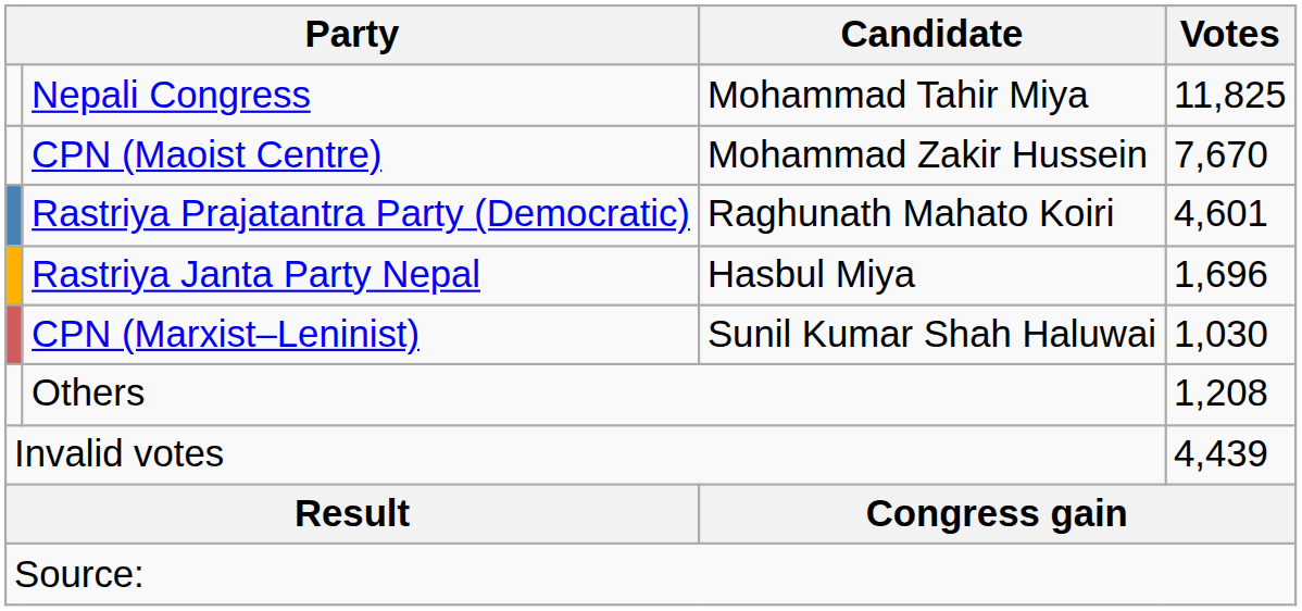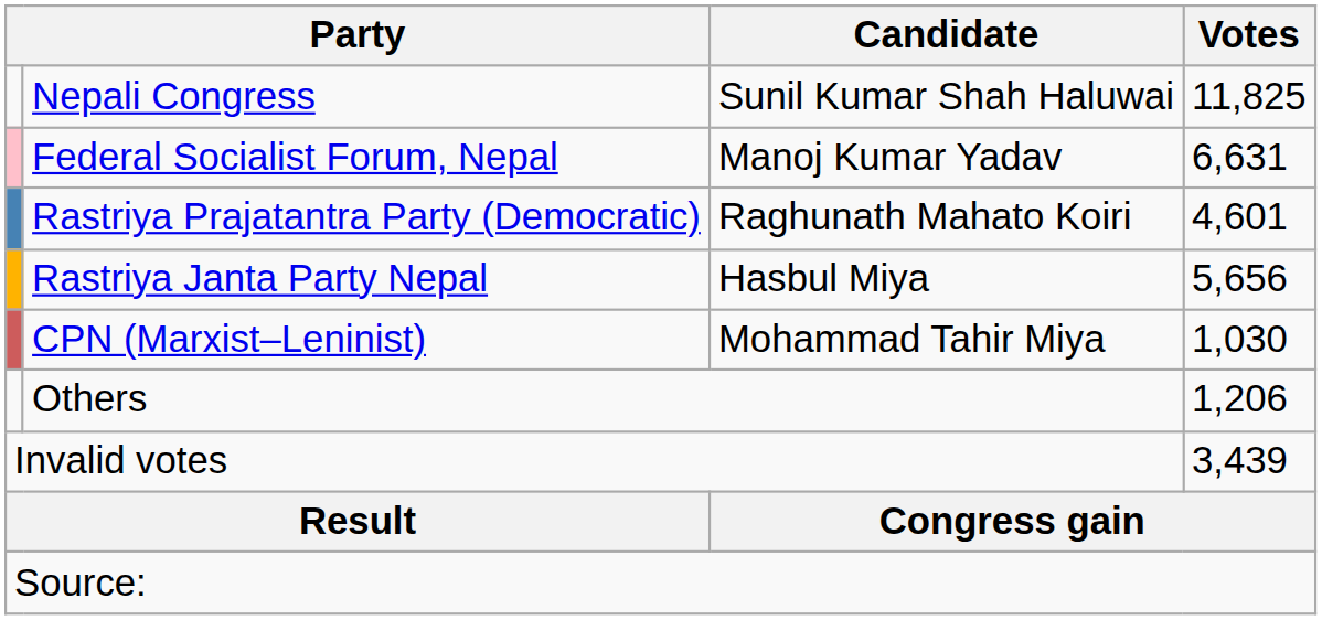 <table class="wikitable">
 <tr>
 <th colspan="2">Party</th>
 <th>Candidate</th>
 <th>Votes</th>
 </tr>
 <tr>
 <td style="background-color:"></td>
 <td><a href='#'>Nepali Congress</a></td>
-<td>Mohammad Tahir Miya</td>
+<td>Sunil Kumar Shah Haluwai</td>
 <td>11,825</td>
 </tr>
 <tr>
-<td style="background-color:"></td>
-<td><a href='#'>CPN (Maoist Centre)</a></td>
-<td>Mohammad Zakir Hussein</td>
-<td>7,670</td>
+<td style="background-color:pink"></td>
+<td><a href='#'>Federal Socialist Forum, Nepal</a></td>
+<td>Manoj Kumar Yadav</td>
+<td>6,631</td>
 </tr>
 <tr>
 <td style="background-color:steelblue"></td>
 <td><a href='#'>Rastriya Prajatantra Party (Democratic)</a></td>
 <td>Raghunath Mahato Koiri</td>
 <td>4,601</td>
 </tr>
 <tr>
 <td style="background-color:#ffb300"></td>
 <td><a href='#'>Rastriya Janta Party Nepal</a></td>
 <td>Hasbul Miya</td>
-<td>1,696</td>
+<td>5,656</td>
 </tr>
 <tr>
 <td style="background-color:indianred"></td>
 <td><a href='#'>CPN (Marxist–Leninist)</a></td>
-<td>Sunil Kumar Shah Haluwai</td>
+<td>Mohammad Tahir Miya</td>
 <td>1,030</td>
 </tr>
 <tr>
 <td></td>
 <td colspan="2">Others</td>
-<td>1,208</td>
+<td>1,206</td>
 </tr>
 <tr>
 <td colspan="3">Invalid votes</td>
-<td>4,439</td>
+<td>3,439</td>
 </tr>
 <tr>
 <th colspan="2">Result</th>
 <th colspan="2">Congress gain</th>
 </tr>
 <tr>
 <td colspan="4">Source: </td>
 </tr>
 </table>
